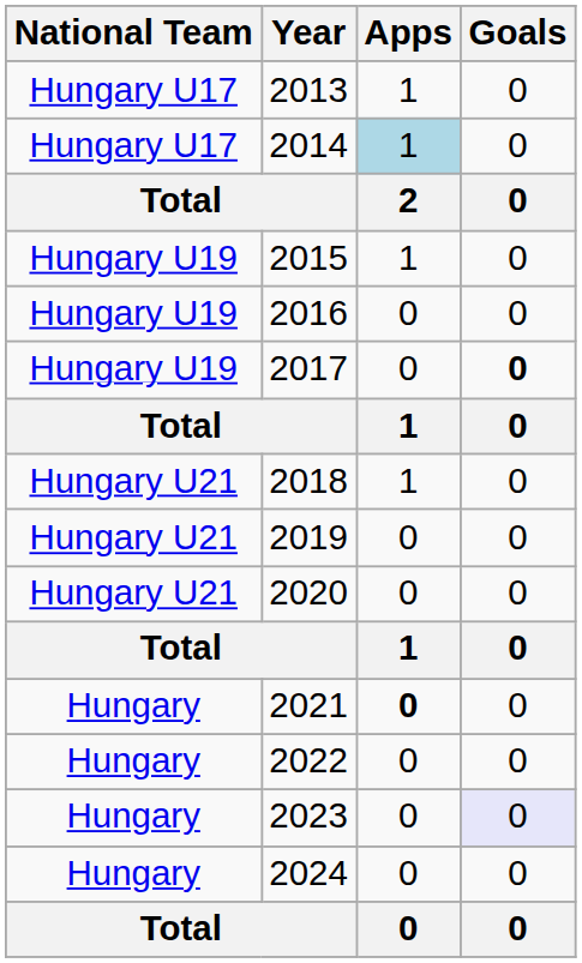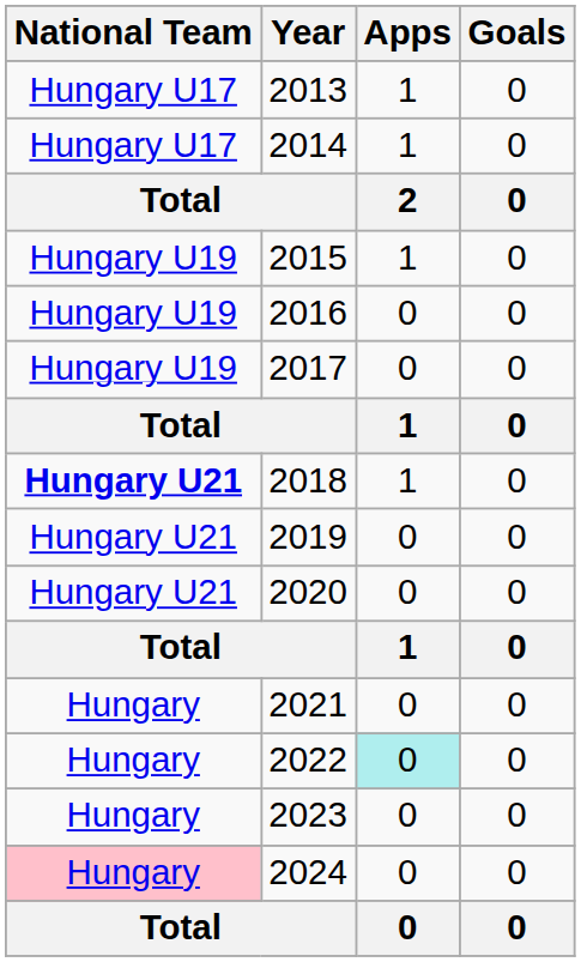 <table class="wikitable" style="text-align:center">
 <tr>
 <th>National Team</th>
 <th>Year</th>
 <th>Apps</th>
 <th>Goals</th>
 </tr>
 <tr>
 <td><a href='#'>Hungary U17</a></td>
 <td>2013</td>
 <td>1</td>
 <td>0</td>
 </tr>
 <tr>
 <td><a href='#'>Hungary U17</a></td>
 <td>2014</td>
-<td style="background: lightblue;">1</td>
+<td>1</td>
 <td>0</td>
 </tr>
 <tr>
 <th colspan="2">Total</th>
 <th>2</th>
 <th>0</th>
 </tr>
 <tr>
 <td><a href='#'>Hungary U19</a></td>
 <td>2015</td>
 <td>1</td>
 <td>0</td>
 </tr>
 <tr>
 <td><a href='#'>Hungary U19</a></td>
 <td>2016</td>
 <td>0</td>
 <td>0</td>
 </tr>
 <tr>
 <td><a href='#'>Hungary U19</a></td>
 <td>2017</td>
 <td>0</td>
-<td><strong>0</strong></td>
+<td>0</td>
 </tr>
 <tr>
 <th colspan="2">Total</th>
 <th>1</th>
 <th>0</th>
 </tr>
 <tr>
-<td><a href='#'>Hungary U21</a></td>
+<td><strong><a href='#'>Hungary U21</a></strong></td>
 <td>2018</td>
 <td>1</td>
 <td>0</td>
 </tr>
 <tr>
 <td><a href='#'>Hungary U21</a></td>
 <td>2019</td>
 <td>0</td>
 <td>0</td>
 </tr>
 <tr>
 <td><a href='#'>Hungary U21</a></td>
 <td>2020</td>
 <td>0</td>
 <td>0</td>
 </tr>
 <tr>
 <th colspan="2">Total</th>
 <th>1</th>
 <th>0</th>
 </tr>
 <tr>
 <td><a href='#'>Hungary</a></td>
 <td>2021</td>
-<td><strong>0</strong></td>
+<td>0</td>
 <td>0</td>
 </tr>
 <tr>
 <td><a href='#'>Hungary</a></td>
 <td>2022</td>
-<td>0</td>
+<td style="background: paleturquoise;">0</td>
 <td>0</td>
 </tr>
 <tr>
 <td><a href='#'>Hungary</a></td>
 <td>2023</td>
 <td>0</td>
-<td style="background: lavender;">0</td>
+<td>0</td>
 </tr>
 <tr>
-<td><a href='#'>Hungary</a></td>
+<td style="background: pink;"><a href='#'>Hungary</a></td>
 <td>2024</td>
 <td>0</td>
 <td>0</td>
 </tr>
 <tr>
 <th colspan="2">Total</th>
 <th>0</th>
 <th>0</th>
 </tr>
 </table>
